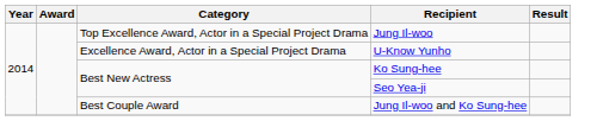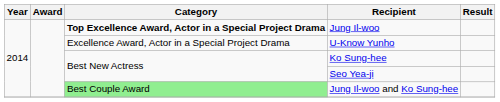 <table class="wikitable">
 <tr>
 <th>Year</th>
 <th>Award</th>
 <th>Category</th>
 <th>Recipient</th>
 <th>Result</th>
 </tr>
 <tr>
 <td rowspan=5>2014</td>
 <td rowspan=5></td>
-<td>Top Excellence Award, Actor in a Special Project Drama</td>
+<td><strong>Top Excellence Award, Actor in a Special Project Drama</strong></td>
 <td><a href='#'>Jung Il-woo</a></td>
 <td></td>
 </tr>
 <tr>
 <td>Excellence Award, Actor in a Special Project Drama</td>
 <td><a href='#'>U-Know Yunho</a></td>
 <td></td>
 </tr>
 <tr>
 <td rowspan=2>Best New Actress</td>
 <td><a href='#'>Ko Sung-hee</a></td>
 <td></td>
 </tr>
 <tr>
 <td><a href='#'>Seo Yea-ji</a></td>
 <td></td>
 </tr>
 <tr>
-<td>Best Couple Award</td>
+<td style="background: lightgreen;">Best Couple Award</td>
 <td><a href='#'>Jung Il-woo</a> and <a href='#'>Ko Sung-hee</a></td>
 <td></td>
 </tr>
 <tr>
 </tr>
 </table>
